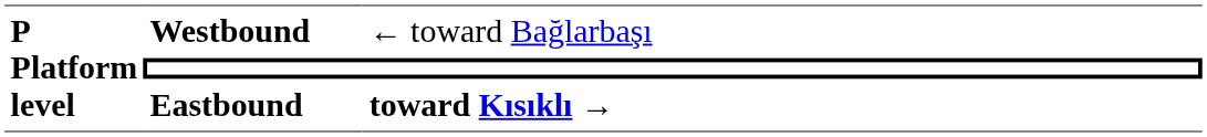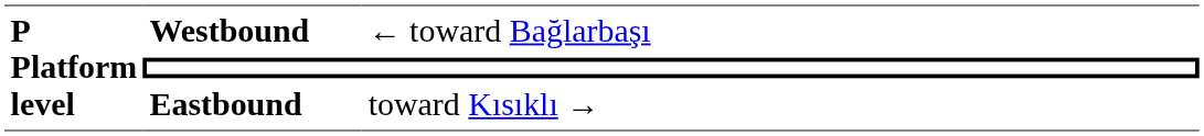 <table table border=0 cellspacing=0 cellpadding=3>
 <tr>
 <td style="border-top:solid 1px gray;border-bottom:solid 1px gray;" width=50 rowspan=3 valign=top><strong>P<br>Platform level</strong></td>
 <td style="border-top:solid 1px gray;" width=100><strong>Westbound</strong></td>
 <td style="border-top:solid 1px gray;" width=400>←  toward <a href='#'>Bağlarbaşı</a></td>
 </tr>
 <tr>
 <td style="border-top:solid 2px black;border-right:solid 2px black;border-left:solid 2px black;border-bottom:solid 2px black;text-align:center;" colspan=2></td>
 </tr>
 <tr>
 <td style="border-bottom:solid 1px gray;"><strong>Eastbound</strong></td>
-<td style="border-bottom:solid 1px gray;"><strong> toward <a href='#'>Kısıklı</a> →</strong></td>
+<td style="border-bottom:solid 1px gray;"> toward <a href='#'>Kısıklı</a> →</td>
 </tr>
 </table>
